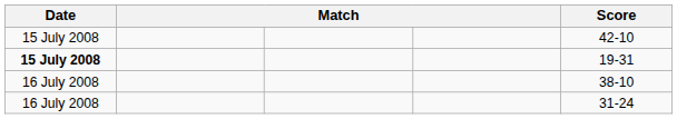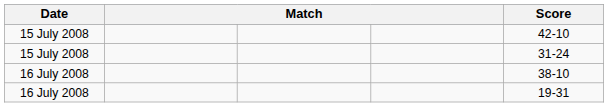 <table width=750 class="wikitable">
 <tr bgcolor="lightsteelblue">
 <th width=15%>Date</th>
 <th width=60% colspan=3>Match</th>
 <th width=15%>Score</th>
 </tr>
 <tr style=font-size:95%>
 <td align=center>15 July 2008</td>
 <td align=center></td>
 <td></td>
 <td></td>
 <td align=center>42-10</td>
 </tr>
 <tr style=font-size:95%>
-<td align=center><strong>15 July 2008</strong></td>
+<td align=center>15 July 2008</td>
 <td align=center></td>
 <td></td>
 <td></td>
-<td align=center>19-31</td>
+<td align=center>31-24</td>
 </tr>
 <tr style=font-size:95%>
 <td align=center>16 July 2008</td>
 <td align=center></td>
 <td></td>
 <td></td>
 <td align=center>38-10</td>
 </tr>
 <tr style=font-size:95%>
 <td align=center>16 July 2008</td>
 <td align=center></td>
 <td></td>
 <td></td>
-<td align=center>31-24</td>
+<td align=center>19-31</td>
 </tr>
 </table>
